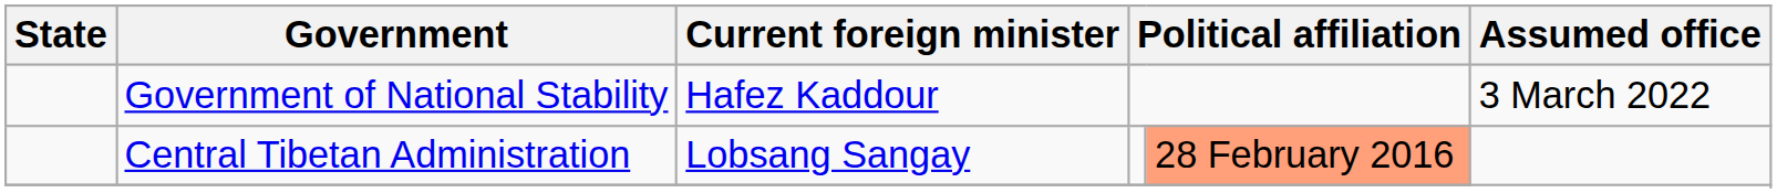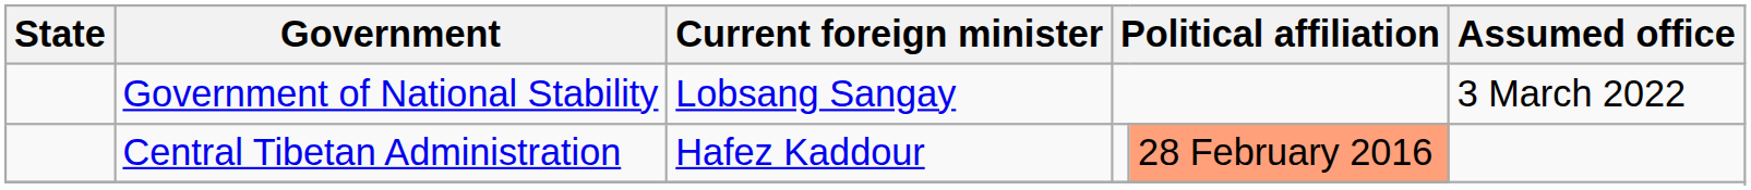 <table class="wikitable sortable">
 <tr>
 <th>State</th>
 <th>Government</th>
 <th>Current foreign minister</th>
 <th colspan="2">Political affiliation</th>
 <th>Assumed office</th>
 </tr>
 <tr>
 <td></td>
 <td><a href='#'>Government of National Stability</a></td>
-<td><a href='#'>Hafez Kaddour</a></td>
+<td><a href='#'>Lobsang Sangay</a></td>
 <td colspan="2"></td>
 <td>3 March 2022</td>
 </tr>
 <tr>
 <td></td>
 <td><a href='#'>Central Tibetan Administration</a></td>
-<td><a href='#'>Lobsang Sangay</a></td>
+<td><a href='#'>Hafez Kaddour</a></td>
 <td></td>
 <td style="background: lightsalmon;">28 February 2016</td>
 </tr>
 <tr>
 </tr>
 </table>
